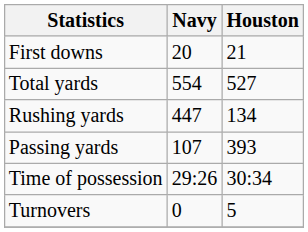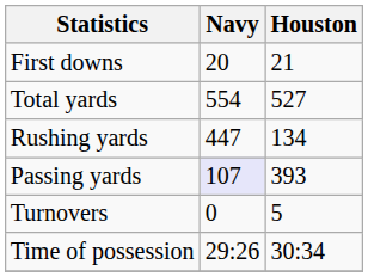 <table class="wikitable" style="float: right;">
 <tr>
 <th>Statistics</th>
 <th>Navy</th>
 <th>Houston</th>
 </tr>
 <tr>
 <td>First downs</td>
 <td>20</td>
 <td>21</td>
 </tr>
 <tr>
 <td>Total yards</td>
 <td>554</td>
 <td>527</td>
 </tr>
 <tr>
 <td>Rushing yards</td>
 <td>447</td>
 <td>134</td>
 </tr>
 <tr>
 <td>Passing yards</td>
-<td>107</td>
+<td style="background: lavender;">107</td>
 <td>393</td>
+</tr>
+<tr>
+<td>Turnovers</td>
+<td>0</td>
+<td>5</td>
 </tr>
 <tr>
 <td>Time of possession</td>
 <td>29:26</td>
 <td>30:34</td>
 </tr>
 <tr>
-<td>Turnovers</td>
-<td>0</td>
-<td>5</td>
-</tr>
-<tr>
 </tr>
 </table>
